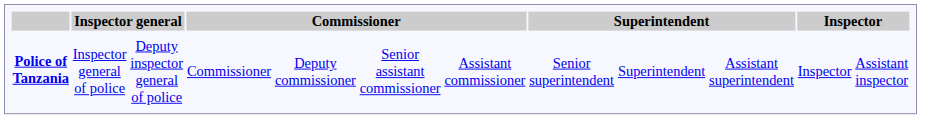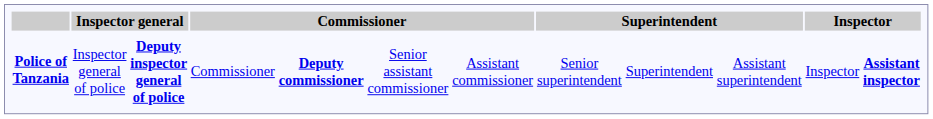 <table style="border:1px solid #8888aa; background:#f7f8ff; padding:5px; font-size:95%; margin:0 12px 12px 0;">
 <tr style="background:#ccc;">
 <th></th>
 <th colspan=2>Inspector general</th>
 <th colspan=4>Commissioner</th>
 <th colspan=3>Superintendent</th>
 <th colspan=2>Inspector</th>
 </tr>
 <tr style="text-align:center">
 <td rowspan=2><strong> <a href='#'>Police of Tanzania</a></strong></td>
 <td></td>
 <td></td>
 <td></td>
 <td></td>
 <td></td>
 <td></td>
 <td></td>
 <td></td>
 <td></td>
 <td></td>
 <td></td>
 </tr>
 <tr style="text-align:center">
 <td><a href='#'>Inspector general of police</a></td>
-<td><a href='#'>Deputy inspector general of police</a></td>
+<td><strong><a href='#'>Deputy inspector general of police</a></strong></td>
 <td><a href='#'>Commissioner</a></td>
-<td><a href='#'>Deputy commissioner</a></td>
+<td><strong><a href='#'>Deputy commissioner</a></strong></td>
 <td><a href='#'>Senior assistant commissioner</a></td>
 <td><a href='#'>Assistant commissioner</a></td>
 <td><a href='#'>Senior superintendent</a></td>
 <td><a href='#'>Superintendent</a></td>
 <td><a href='#'>Assistant superintendent</a></td>
 <td><a href='#'>Inspector</a></td>
-<td><a href='#'>Assistant inspector</a></td>
+<td><strong><a href='#'>Assistant inspector</a></strong></td>
 </tr>
 </table>
